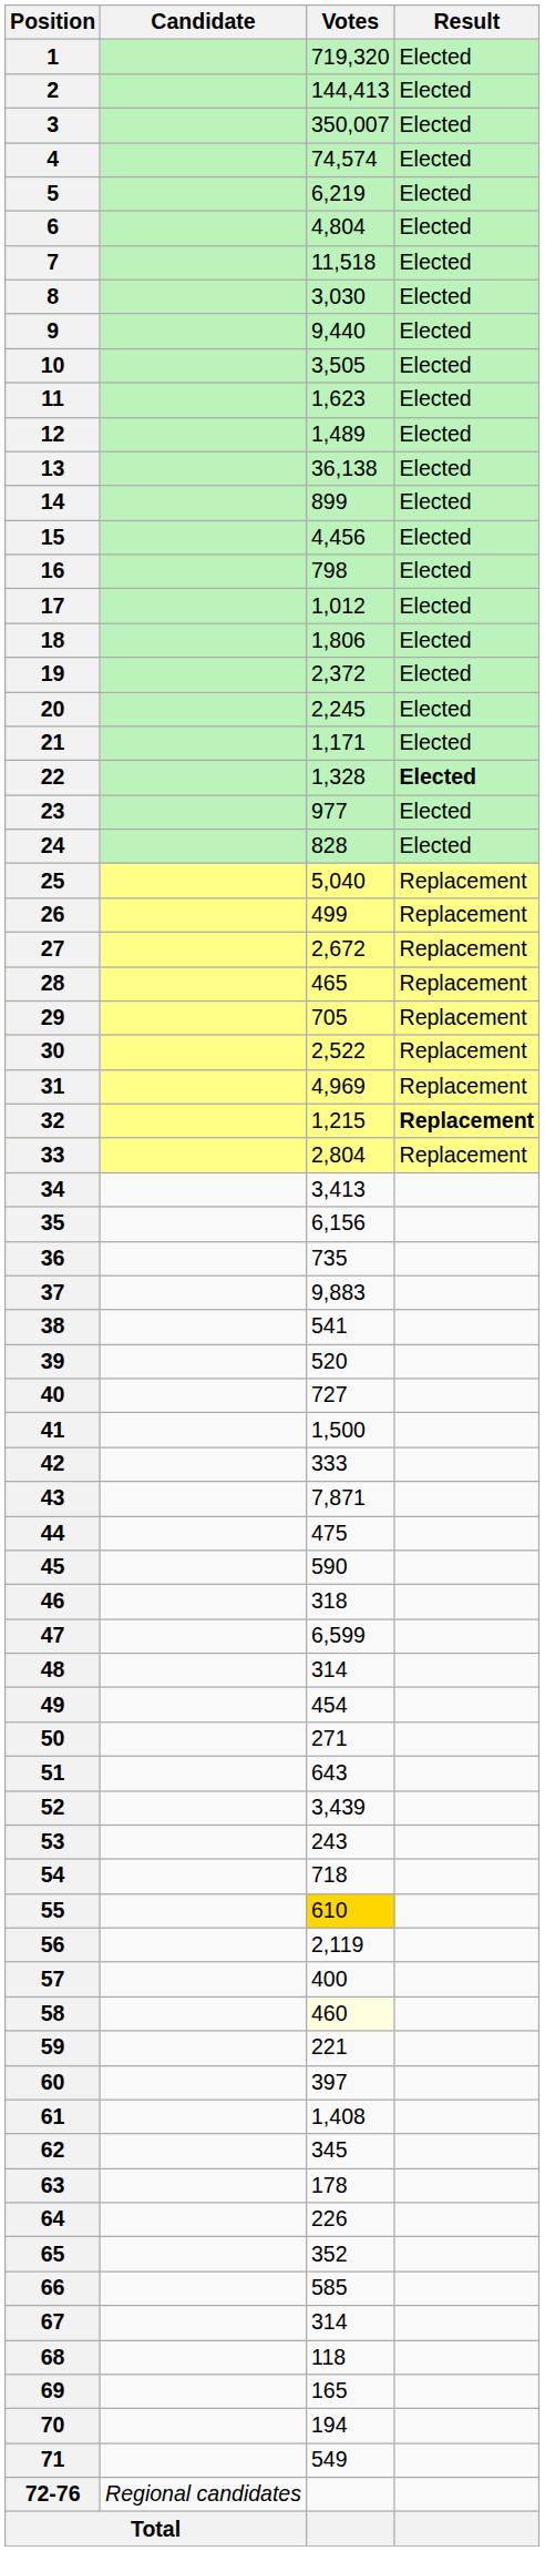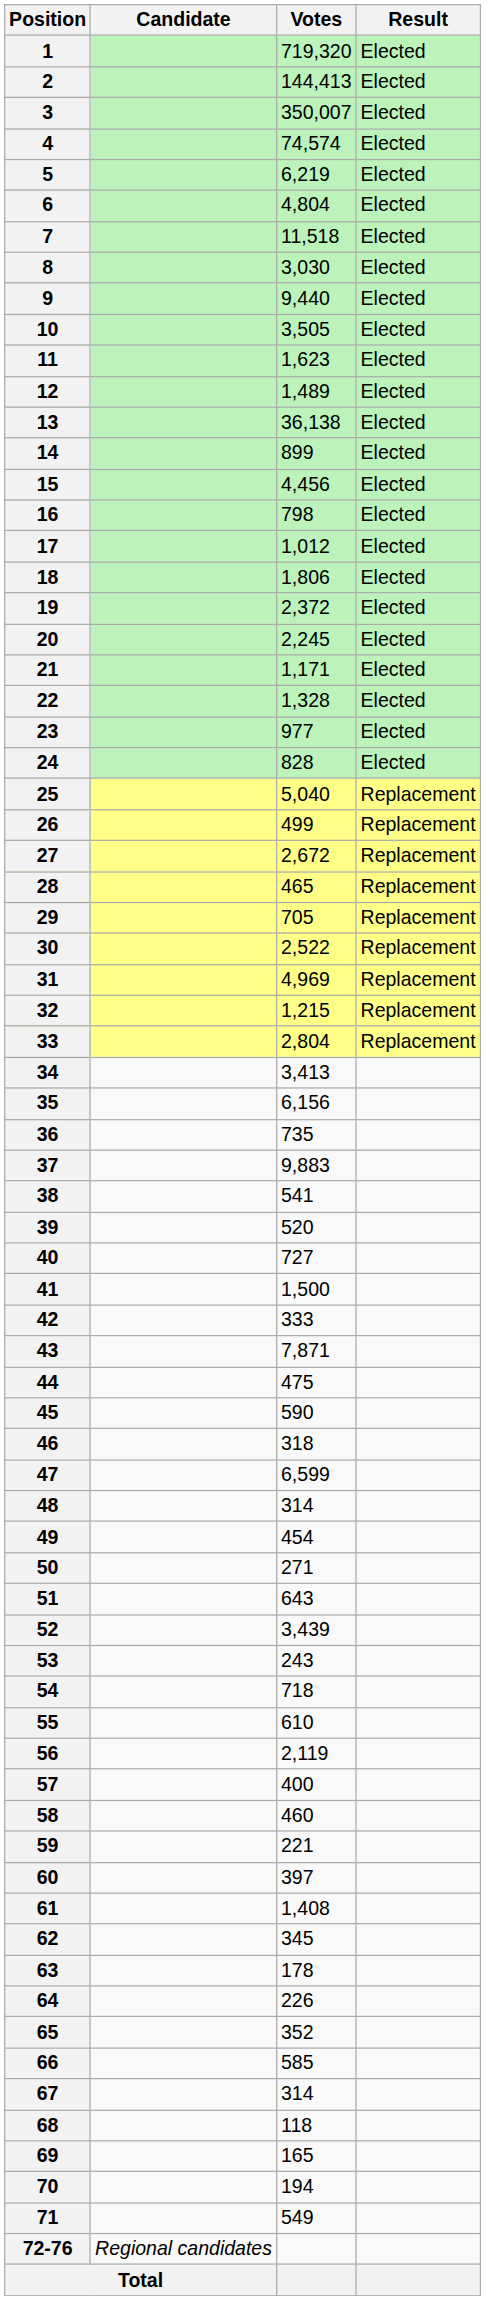 <table class="wikitable sortable col3right">
 <tr>
 <th scope="col">Position</th>
 <th scope="col">Candidate</th>
 <th scope="col">Votes</th>
 <th scope="col">Result</th>
 </tr>
 <tr bgcolor=bbf3bb>
 <th scope="row">1</th>
 <td></td>
 <td>719,320</td>
 <td>Elected</td>
 </tr>
 <tr bgcolor=bbf3bb>
 <th scope="row">2</th>
 <td></td>
 <td>144,413</td>
 <td>Elected</td>
 </tr>
 <tr bgcolor=bbf3bb>
 <th scope="row">3</th>
 <td></td>
 <td>350,007</td>
 <td>Elected</td>
 </tr>
 <tr bgcolor=bbf3bb>
 <th scope="row">4</th>
 <td></td>
 <td>74,574</td>
 <td>Elected</td>
 </tr>
 <tr bgcolor=bbf3bb>
 <th scope="row">5</th>
 <td></td>
 <td>6,219</td>
 <td>Elected</td>
 </tr>
 <tr bgcolor=bbf3bb>
 <th scope="row">6</th>
 <td></td>
 <td>4,804</td>
 <td>Elected</td>
 </tr>
 <tr bgcolor=bbf3bb>
 <th scope="row">7</th>
 <td></td>
 <td>11,518</td>
 <td>Elected</td>
 </tr>
 <tr bgcolor=bbf3bb>
 <th scope="row">8</th>
 <td></td>
 <td>3,030</td>
 <td>Elected</td>
 </tr>
 <tr bgcolor=bbf3bb>
 <th scope="row">9</th>
 <td></td>
 <td>9,440</td>
 <td>Elected</td>
 </tr>
 <tr bgcolor=bbf3bb>
 <th scope="row">10</th>
 <td></td>
 <td>3,505</td>
 <td>Elected</td>
 </tr>
 <tr bgcolor=bbf3bb>
 <th scope="row">11</th>
 <td></td>
 <td>1,623</td>
 <td>Elected</td>
 </tr>
 <tr bgcolor=bbf3bb>
 <th scope="row">12</th>
 <td></td>
 <td>1,489</td>
 <td>Elected</td>
 </tr>
 <tr bgcolor=bbf3bb>
 <th scope="row">13</th>
 <td></td>
 <td>36,138</td>
 <td>Elected</td>
 </tr>
 <tr bgcolor=bbf3bb>
 <th scope="row">14</th>
 <td></td>
 <td>899</td>
 <td>Elected</td>
 </tr>
 <tr bgcolor=bbf3bb>
 <th scope="row">15</th>
 <td></td>
 <td>4,456</td>
 <td>Elected</td>
 </tr>
 <tr bgcolor=bbf3bb>
 <th scope="row">16</th>
 <td></td>
 <td>798</td>
 <td>Elected</td>
 </tr>
 <tr bgcolor=bbf3bb>
 <th scope="row">17</th>
 <td></td>
 <td>1,012</td>
 <td>Elected</td>
 </tr>
 <tr bgcolor=bbf3bb>
 <th scope="row">18</th>
 <td></td>
 <td>1,806</td>
 <td>Elected</td>
 </tr>
 <tr bgcolor=bbf3bb>
 <th scope="row">19</th>
 <td></td>
 <td>2,372</td>
 <td>Elected</td>
 </tr>
 <tr bgcolor=bbf3bb>
 <th scope="row">20</th>
 <td></td>
 <td>2,245</td>
 <td>Elected</td>
 </tr>
 <tr bgcolor=bbf3bb>
 <th scope="row">21</th>
 <td></td>
 <td>1,171</td>
 <td>Elected</td>
 </tr>
 <tr bgcolor=bbf3bb>
 <th scope="row">22</th>
 <td></td>
 <td>1,328</td>
-<td><strong>Elected</strong></td>
+<td>Elected</td>
 </tr>
 <tr bgcolor=bbf3bb>
 <th scope="row">23</th>
 <td></td>
 <td>977</td>
 <td>Elected</td>
 </tr>
 <tr bgcolor=bbf3bb>
 <th scope="row">24</th>
 <td></td>
 <td>828</td>
 <td>Elected</td>
 </tr>
 <tr bgcolor=#FF8>
 <th scope="row">25</th>
 <td></td>
 <td>5,040</td>
 <td>Replacement</td>
 </tr>
 <tr bgcolor=#FF8>
 <th scope="row">26</th>
 <td></td>
 <td>499</td>
 <td>Replacement</td>
 </tr>
 <tr bgcolor=#FF8>
 <th scope="row">27</th>
 <td></td>
 <td>2,672</td>
 <td>Replacement</td>
 </tr>
 <tr bgcolor=#FF8>
 <th scope="row">28</th>
 <td></td>
 <td>465</td>
 <td>Replacement</td>
 </tr>
 <tr bgcolor=#FF8>
 <th scope="row">29</th>
 <td></td>
 <td>705</td>
 <td>Replacement</td>
 </tr>
 <tr bgcolor=#FF8>
 <th scope="row">30</th>
 <td></td>
 <td>2,522</td>
 <td>Replacement</td>
 </tr>
 <tr bgcolor=#FF8>
 <th scope="row">31</th>
 <td></td>
 <td>4,969</td>
 <td>Replacement</td>
 </tr>
 <tr bgcolor=#FF8>
 <th scope="row">32</th>
 <td></td>
 <td>1,215</td>
-<td><strong>Replacement</strong></td>
+<td>Replacement</td>
 </tr>
 <tr bgcolor=#FF8>
 <th scope="row">33</th>
 <td></td>
 <td>2,804</td>
 <td>Replacement</td>
 </tr>
 <tr>
 <th scope="row">34</th>
 <td></td>
 <td>3,413</td>
 <td></td>
 </tr>
 <tr>
 <th scope="row">35</th>
 <td></td>
 <td>6,156</td>
 <td></td>
 </tr>
 <tr>
 <th scope="row">36</th>
 <td></td>
 <td>735</td>
 <td></td>
 </tr>
 <tr>
 <th scope="row">37</th>
 <td></td>
 <td>9,883</td>
 <td></td>
 </tr>
 <tr>
 <th scope="row">38</th>
 <td></td>
 <td>541</td>
 <td></td>
 </tr>
 <tr>
 <th scope="row">39</th>
 <td></td>
 <td>520</td>
 <td></td>
 </tr>
 <tr>
 <th scope="row">40</th>
 <td></td>
 <td>727</td>
 <td></td>
 </tr>
 <tr>
 <th scope="row">41</th>
 <td></td>
 <td>1,500</td>
 <td></td>
 </tr>
 <tr>
 <th scope="row">42</th>
 <td></td>
 <td>333</td>
 <td></td>
 </tr>
 <tr>
 <th scope="row">43</th>
 <td></td>
 <td>7,871</td>
 <td></td>
 </tr>
 <tr>
 <th scope="row">44</th>
 <td></td>
 <td>475</td>
 <td></td>
 </tr>
 <tr>
 <th scope="row">45</th>
 <td></td>
 <td>590</td>
 <td></td>
 </tr>
 <tr>
 <th scope="row">46</th>
 <td></td>
 <td>318</td>
 <td></td>
 </tr>
 <tr>
 <th scope="row">47</th>
 <td></td>
 <td>6,599</td>
 <td></td>
 </tr>
 <tr>
 <th scope="row">48</th>
 <td></td>
 <td>314</td>
 <td></td>
 </tr>
 <tr>
 <th scope="row">49</th>
 <td></td>
 <td>454</td>
 <td></td>
 </tr>
 <tr>
 <th scope="row">50</th>
 <td></td>
 <td>271</td>
 <td></td>
 </tr>
 <tr>
 <th scope="row">51</th>
 <td></td>
 <td>643</td>
 <td></td>
 </tr>
 <tr>
 <th scope="row">52</th>
 <td></td>
 <td>3,439</td>
 <td></td>
 </tr>
 <tr>
 <th scope="row">53</th>
 <td></td>
 <td>243</td>
 <td></td>
 </tr>
 <tr>
 <th scope="row">54</th>
 <td></td>
 <td>718</td>
 <td></td>
 </tr>
 <tr>
 <th scope="row">55</th>
 <td></td>
-<td style="background: gold;">610</td>
+<td>610</td>
 <td></td>
 </tr>
 <tr>
 <th scope="row">56</th>
 <td></td>
 <td>2,119</td>
 <td></td>
 </tr>
 <tr>
 <th scope="row">57</th>
 <td></td>
 <td>400</td>
 <td></td>
 </tr>
 <tr>
 <th scope="row">58</th>
 <td></td>
-<td style="background: lightyellow;">460</td>
+<td>460</td>
 <td></td>
 </tr>
 <tr>
 <th scope="row">59</th>
 <td></td>
 <td>221</td>
 <td></td>
 </tr>
 <tr>
 <th scope="row">60</th>
 <td></td>
 <td>397</td>
 <td></td>
 </tr>
 <tr>
 <th scope="row">61</th>
 <td></td>
 <td>1,408</td>
 <td></td>
 </tr>
 <tr>
 <th scope="row">62</th>
 <td></td>
 <td>345</td>
 <td></td>
 </tr>
 <tr>
 <th scope="row">63</th>
 <td></td>
 <td>178</td>
 <td></td>
 </tr>
 <tr>
 <th scope="row">64</th>
 <td></td>
 <td>226</td>
 <td></td>
 </tr>
 <tr>
 <th scope="row">65</th>
 <td></td>
 <td>352</td>
 <td></td>
 </tr>
 <tr>
 <th scope="row">66</th>
 <td></td>
 <td>585</td>
 <td></td>
 </tr>
 <tr>
 <th scope="row">67</th>
 <td></td>
 <td>314</td>
 <td></td>
 </tr>
 <tr>
 <th scope="row">68</th>
 <td></td>
 <td>118</td>
 <td></td>
 </tr>
 <tr>
 <th scope="row">69</th>
 <td></td>
 <td>165</td>
 <td></td>
 </tr>
 <tr>
 <th scope="row">70</th>
 <td></td>
 <td>194</td>
 <td></td>
 </tr>
 <tr>
 <th scope="row">71</th>
 <td></td>
 <td>549</td>
 <td></td>
 </tr>
 <tr>
 <th scope="row">72-76</th>
 <td><em>Regional candidates</em></td>
 <td></td>
 <td></td>
 </tr>
 <tr class="sortbottom">
 <th scope="row" colspan="2">Total</th>
 <th></th>
 <th></th>
 </tr>
 </table>
